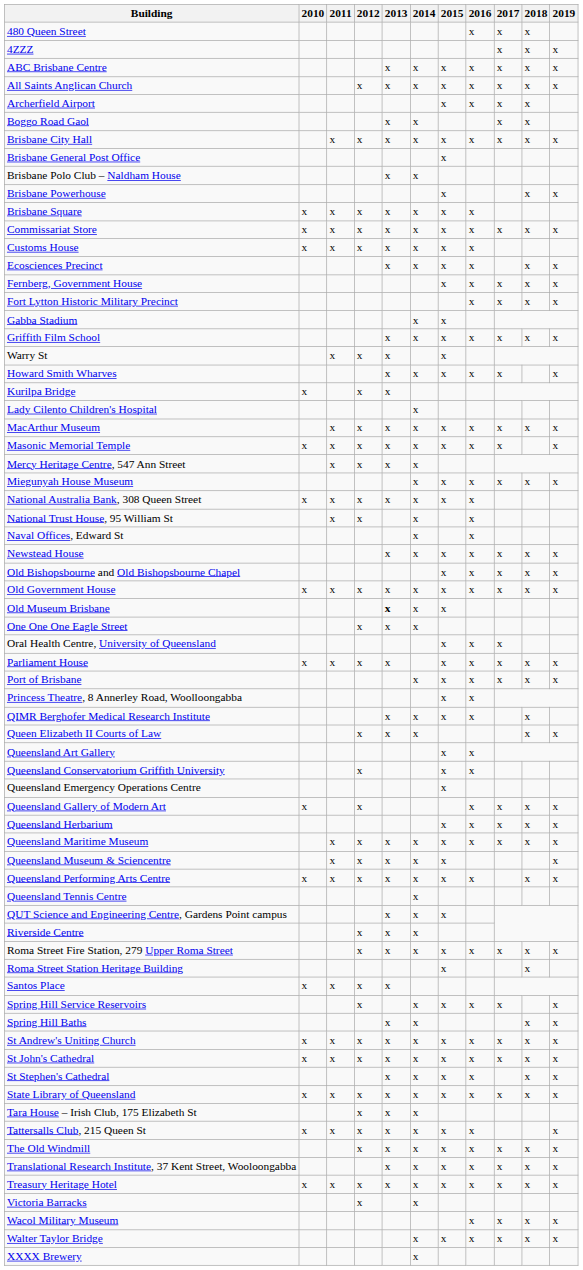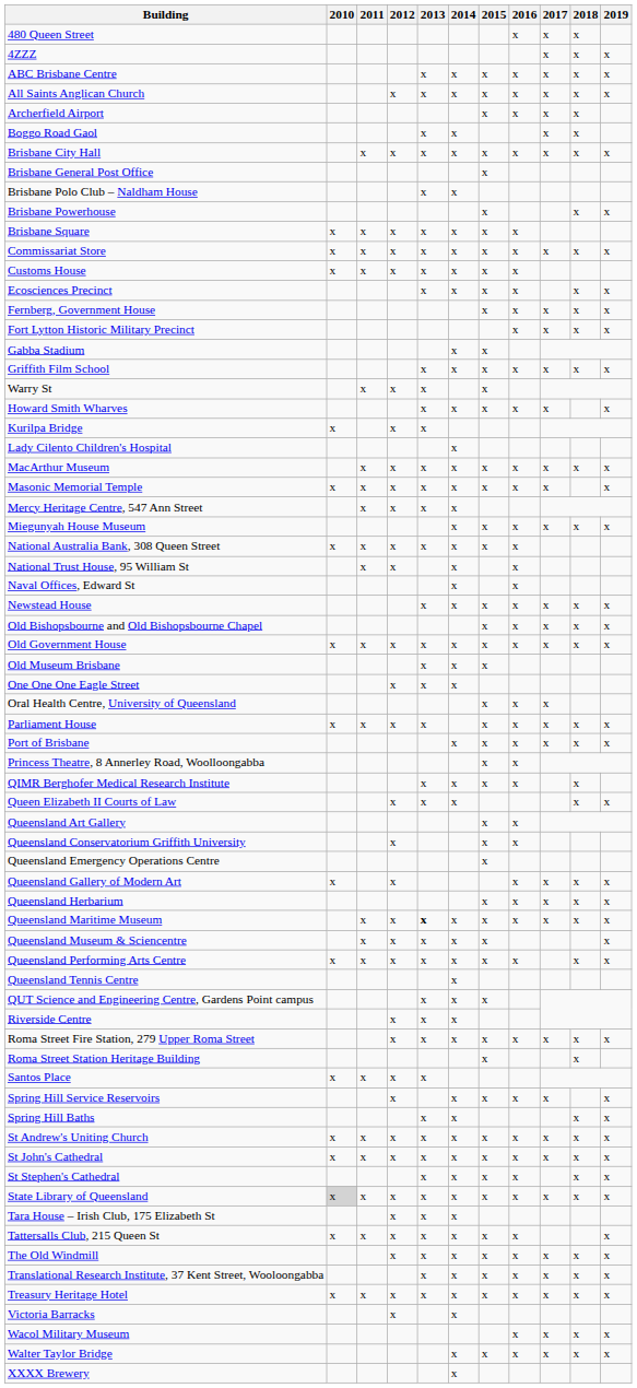 <table class="wikitable sortable">
 <tr>
 <th>Building</th>
 <th>2010</th>
 <th>2011</th>
 <th>2012</th>
 <th>2013</th>
 <th>2014</th>
 <th>2015</th>
 <th>2016</th>
 <th class="sortable">2017</th>
 <th>2018</th>
 <th>2019</th>
 </tr>
 <tr>
 <td><a href='#'>480 Queen Street</a></td>
 <td></td>
 <td></td>
 <td></td>
 <td></td>
 <td></td>
 <td></td>
 <td>x</td>
 <td>x</td>
 <td>x</td>
 <td></td>
 </tr>
 <tr>
 <td><a href='#'>4ZZZ</a></td>
 <td></td>
 <td></td>
 <td></td>
 <td></td>
 <td></td>
 <td></td>
 <td></td>
 <td>x</td>
 <td>x</td>
 <td>x</td>
 </tr>
 <tr>
 <td><a href='#'>ABC Brisbane Centre</a></td>
 <td></td>
 <td></td>
 <td></td>
 <td>x</td>
 <td>x</td>
 <td>x</td>
 <td>x</td>
 <td>x</td>
 <td>x</td>
 <td>x</td>
 </tr>
 <tr>
 <td><a href='#'>All Saints Anglican Church</a></td>
 <td></td>
 <td></td>
 <td>x</td>
 <td>x</td>
 <td>x</td>
 <td>x</td>
 <td>x</td>
 <td>x</td>
 <td>x</td>
 <td>x</td>
 </tr>
 <tr>
 <td><a href='#'>Archerfield Airport</a></td>
 <td></td>
 <td></td>
 <td></td>
 <td></td>
 <td></td>
 <td>x</td>
 <td>x</td>
 <td>x</td>
 <td>x</td>
 <td></td>
 </tr>
 <tr>
 <td><a href='#'>Boggo Road Gaol</a></td>
 <td></td>
 <td></td>
 <td></td>
 <td>x</td>
 <td>x</td>
 <td></td>
 <td></td>
 <td>x</td>
 <td>x</td>
 <td></td>
 </tr>
 <tr>
 <td><a href='#'>Brisbane City Hall</a></td>
 <td></td>
 <td>x</td>
 <td>x</td>
 <td>x</td>
 <td>x</td>
 <td>x</td>
 <td>x</td>
 <td>x</td>
 <td>x</td>
 <td>x</td>
 </tr>
 <tr>
 <td><a href='#'>Brisbane General Post Office</a></td>
 <td></td>
 <td></td>
 <td></td>
 <td></td>
 <td></td>
 <td>x</td>
 <td></td>
 <td></td>
 <td></td>
 <td></td>
 </tr>
 <tr>
 <td>Brisbane Polo Club – <a href='#'>Naldham House</a></td>
 <td></td>
 <td></td>
 <td></td>
 <td>x</td>
 <td>x</td>
 <td></td>
 <td></td>
 <td></td>
 <td></td>
 <td></td>
 </tr>
 <tr>
 <td><a href='#'>Brisbane Powerhouse</a></td>
 <td></td>
 <td></td>
 <td></td>
 <td></td>
 <td></td>
 <td>x</td>
 <td></td>
 <td></td>
 <td>x</td>
 <td>x</td>
 </tr>
 <tr>
 <td><a href='#'>Brisbane Square</a></td>
 <td>x</td>
 <td>x</td>
 <td>x</td>
 <td>x</td>
 <td>x</td>
 <td>x</td>
 <td>x</td>
 <td></td>
 <td></td>
 <td></td>
 </tr>
 <tr>
 <td><a href='#'>Commissariat Store</a></td>
 <td>x</td>
 <td>x</td>
 <td>x</td>
 <td>x</td>
 <td>x</td>
 <td>x</td>
 <td>x</td>
 <td>x</td>
 <td>x</td>
 <td>x</td>
 </tr>
 <tr>
 <td><a href='#'>Customs House</a></td>
 <td>x</td>
 <td>x</td>
 <td>x</td>
 <td>x</td>
 <td>x</td>
 <td>x</td>
 <td>x</td>
 <td></td>
 <td></td>
 <td></td>
 </tr>
 <tr>
 <td><a href='#'>Ecosciences Precinct</a></td>
 <td></td>
 <td></td>
 <td></td>
 <td>x</td>
 <td>x</td>
 <td>x</td>
 <td>x</td>
 <td></td>
 <td>x</td>
 <td>x</td>
 </tr>
 <tr>
 <td><a href='#'>Fernberg, Government House</a></td>
 <td></td>
 <td></td>
 <td></td>
 <td></td>
 <td></td>
 <td>x</td>
 <td>x</td>
 <td>x</td>
 <td>x</td>
 <td>x</td>
 </tr>
 <tr>
 <td><a href='#'>Fort Lytton Historic Military Precinct</a></td>
 <td></td>
 <td></td>
 <td></td>
 <td></td>
 <td></td>
 <td></td>
 <td>x</td>
 <td>x</td>
 <td>x</td>
 <td>x</td>
 </tr>
 <tr>
 <td><a href='#'>Gabba Stadium</a></td>
 <td></td>
 <td></td>
 <td></td>
 <td></td>
 <td>x</td>
 <td>x</td>
 <td></td>
 </tr>
 <tr>
 <td><a href='#'>Griffith Film School</a></td>
 <td></td>
 <td></td>
 <td></td>
 <td>x</td>
 <td>x</td>
 <td>x</td>
 <td>x</td>
 <td>x</td>
 <td>x</td>
 <td>x</td>
 </tr>
 <tr>
 <td> Warry St</td>
 <td></td>
 <td>x</td>
 <td>x</td>
 <td>x</td>
 <td></td>
 <td>x</td>
 <td></td>
 </tr>
 <tr>
 <td><a href='#'>Howard Smith Wharves</a></td>
 <td></td>
 <td></td>
 <td></td>
 <td>x</td>
 <td>x</td>
 <td>x</td>
 <td>x</td>
 <td>x</td>
 <td></td>
 <td>x</td>
 </tr>
 <tr>
 <td><a href='#'>Kurilpa Bridge</a></td>
 <td>x</td>
 <td></td>
 <td>x</td>
 <td>x</td>
 <td></td>
 <td></td>
 <td></td>
 </tr>
 <tr>
 <td><a href='#'>Lady Cilento Children's Hospital</a></td>
 <td></td>
 <td></td>
 <td></td>
 <td></td>
 <td>x</td>
 <td></td>
 <td></td>
 <td></td>
 <td></td>
 <td></td>
 </tr>
 <tr>
 <td><a href='#'>MacArthur Museum</a></td>
 <td></td>
 <td>x</td>
 <td>x</td>
 <td>x</td>
 <td>x</td>
 <td>x</td>
 <td>x</td>
 <td>x</td>
 <td>x</td>
 <td>x</td>
 </tr>
 <tr>
 <td><a href='#'>Masonic Memorial Temple</a></td>
 <td>x</td>
 <td>x</td>
 <td>x</td>
 <td>x</td>
 <td>x</td>
 <td>x</td>
 <td>x</td>
 <td>x</td>
 <td></td>
 <td>x</td>
 </tr>
 <tr>
 <td><a href='#'>Mercy Heritage Centre</a>, 547 Ann Street</td>
 <td></td>
 <td>x</td>
 <td>x</td>
 <td>x</td>
 <td>x</td>
 <td></td>
 <td></td>
 </tr>
 <tr>
 <td><a href='#'>Miegunyah House Museum</a></td>
 <td></td>
 <td></td>
 <td></td>
 <td></td>
 <td>x</td>
 <td>x</td>
 <td>x</td>
 <td>x</td>
 <td>x</td>
 <td>x</td>
 </tr>
 <tr>
 <td><a href='#'>National Australia Bank</a>, 308 Queen Street</td>
 <td>x</td>
 <td>x</td>
 <td>x</td>
 <td>x</td>
 <td>x</td>
 <td>x</td>
 <td>x</td>
 <td></td>
 <td></td>
 <td></td>
 </tr>
 <tr>
 <td><a href='#'>National Trust House</a>, 95 William St</td>
 <td></td>
 <td>x</td>
 <td>x</td>
 <td></td>
 <td>x</td>
 <td></td>
 <td>x</td>
 <td></td>
 <td></td>
 <td></td>
 </tr>
 <tr>
 <td><a href='#'>Naval Offices</a>, Edward St</td>
 <td></td>
 <td></td>
 <td></td>
 <td></td>
 <td>x</td>
 <td></td>
 <td>x</td>
 <td></td>
 <td></td>
 <td></td>
 </tr>
 <tr>
 <td><a href='#'>Newstead House</a></td>
 <td></td>
 <td></td>
 <td></td>
 <td>x</td>
 <td>x</td>
 <td>x</td>
 <td>x</td>
 <td>x</td>
 <td>x</td>
 <td>x</td>
 </tr>
 <tr>
 <td><a href='#'>Old Bishopsbourne</a> and <a href='#'>Old Bishopsbourne Chapel</a></td>
 <td></td>
 <td></td>
 <td></td>
 <td></td>
 <td></td>
 <td>x</td>
 <td>x</td>
 <td>x</td>
 <td>x</td>
 <td>x</td>
 </tr>
 <tr>
 <td><a href='#'>Old Government House</a></td>
 <td>x</td>
 <td>x</td>
 <td>x</td>
 <td>x</td>
 <td>x</td>
 <td>x</td>
 <td>x</td>
 <td>x</td>
 <td>x</td>
 <td>x</td>
 </tr>
 <tr>
 <td><a href='#'>Old Museum Brisbane</a></td>
 <td></td>
 <td></td>
 <td></td>
-<td><strong>x</strong></td>
+<td>x</td>
 <td>x</td>
 <td>x</td>
 <td></td>
 <td></td>
 <td></td>
 <td></td>
 </tr>
 <tr>
 <td><a href='#'>One One One Eagle Street</a></td>
 <td></td>
 <td></td>
 <td>x</td>
 <td>x</td>
 <td>x</td>
 <td></td>
 <td></td>
 <td></td>
 <td></td>
 <td></td>
 </tr>
 <tr>
 <td>Oral Health Centre, <a href='#'>University of Queensland</a></td>
 <td></td>
 <td></td>
 <td></td>
 <td></td>
 <td></td>
 <td>x</td>
 <td>x</td>
 <td>x</td>
 <td></td>
 <td></td>
 </tr>
 <tr>
 <td><a href='#'>Parliament House</a></td>
 <td>x</td>
 <td>x</td>
 <td>x</td>
 <td>x</td>
 <td></td>
 <td>x</td>
 <td>x</td>
 <td>x</td>
 <td>x</td>
 <td>x</td>
 </tr>
 <tr>
 <td><a href='#'>Port of Brisbane</a></td>
 <td></td>
 <td></td>
 <td></td>
 <td></td>
 <td>x</td>
 <td>x</td>
 <td>x</td>
 <td>x</td>
 <td>x</td>
 <td>x</td>
 </tr>
 <tr>
 <td><a href='#'>Princess Theatre</a>, 8 Annerley Road, Woolloongabba</td>
 <td></td>
 <td></td>
 <td></td>
 <td></td>
 <td></td>
 <td>x</td>
 <td>x</td>
 </tr>
 <tr>
 <td><a href='#'>QIMR Berghofer Medical Research Institute</a></td>
 <td></td>
 <td></td>
 <td></td>
 <td>x</td>
 <td>x</td>
 <td>x</td>
 <td>x</td>
 <td></td>
 <td>x</td>
 <td></td>
 </tr>
 <tr>
 <td><a href='#'>Queen Elizabeth II Courts of Law</a></td>
 <td></td>
 <td></td>
 <td>x</td>
 <td>x</td>
 <td>x</td>
 <td></td>
 <td></td>
 <td></td>
 <td>x</td>
 <td>x</td>
 </tr>
 <tr>
 <td><a href='#'>Queensland Art Gallery</a></td>
 <td></td>
 <td></td>
 <td></td>
 <td></td>
 <td></td>
 <td>x</td>
 <td>x</td>
 </tr>
 <tr>
 <td><a href='#'>Queensland Conservatorium Griffith University</a></td>
 <td></td>
 <td></td>
 <td>x</td>
 <td></td>
 <td></td>
 <td>x</td>
 <td>x</td>
 <td></td>
 <td></td>
 <td></td>
 </tr>
 <tr>
 <td>Queensland Emergency Operations Centre</td>
 <td></td>
 <td></td>
 <td></td>
 <td></td>
 <td></td>
 <td>x</td>
 <td></td>
 <td></td>
 <td></td>
 <td></td>
 </tr>
 <tr>
 <td><a href='#'>Queensland Gallery of Modern Art</a></td>
 <td>x</td>
 <td></td>
 <td>x</td>
 <td></td>
 <td></td>
 <td></td>
 <td>x</td>
 <td>x</td>
 <td>x</td>
 <td>x</td>
 </tr>
 <tr>
 <td><a href='#'>Queensland Herbarium</a></td>
 <td></td>
 <td></td>
 <td></td>
 <td></td>
 <td></td>
 <td>x</td>
 <td>x</td>
 <td>x</td>
 <td>x</td>
 <td>x</td>
 </tr>
 <tr>
 <td><a href='#'>Queensland Maritime Museum</a></td>
 <td></td>
 <td>x</td>
 <td>x</td>
-<td>x</td>
+<td><strong>x</strong></td>
 <td>x</td>
 <td>x</td>
 <td>x</td>
 <td>x</td>
 <td>x</td>
 <td>x</td>
 </tr>
 <tr>
 <td><a href='#'>Queensland Museum & Sciencentre</a></td>
 <td></td>
 <td>x</td>
 <td>x</td>
 <td>x</td>
 <td>x</td>
 <td>x</td>
 <td></td>
 <td></td>
 <td></td>
 <td>x</td>
 </tr>
 <tr>
 <td><a href='#'>Queensland Performing Arts Centre</a></td>
 <td>x</td>
 <td>x</td>
 <td>x</td>
 <td>x</td>
 <td>x</td>
 <td>x</td>
 <td>x</td>
 <td></td>
 <td>x</td>
 <td>x</td>
 </tr>
 <tr>
 <td><a href='#'>Queensland Tennis Centre</a></td>
 <td></td>
 <td></td>
 <td></td>
 <td></td>
 <td>x</td>
 <td></td>
 <td></td>
 <td></td>
 <td></td>
 <td></td>
 </tr>
 <tr>
 <td><a href='#'>QUT Science and Engineering Centre</a>, Gardens Point campus</td>
 <td></td>
 <td></td>
 <td></td>
 <td>x</td>
 <td>x</td>
 <td>x</td>
 <td></td>
 </tr>
 <tr>
 <td><a href='#'>Riverside Centre</a></td>
 <td></td>
 <td></td>
 <td>x</td>
 <td>x</td>
 <td>x</td>
 <td></td>
 <td></td>
 </tr>
 <tr>
 <td>Roma Street Fire Station, 279 <a href='#'>Upper Roma Street</a></td>
 <td></td>
 <td></td>
 <td>x</td>
 <td>x</td>
 <td>x</td>
 <td>x</td>
 <td>x</td>
 <td>x</td>
 <td>x</td>
 <td>x</td>
 </tr>
 <tr>
 <td><a href='#'>Roma Street Station Heritage Building</a></td>
 <td></td>
 <td></td>
 <td></td>
 <td></td>
 <td></td>
 <td>x</td>
 <td></td>
 <td></td>
 <td>x</td>
 <td></td>
 </tr>
 <tr>
 <td><a href='#'>Santos Place</a></td>
 <td>x</td>
 <td>x</td>
 <td>x</td>
 <td>x</td>
 <td></td>
 <td></td>
 <td></td>
 </tr>
 <tr>
 <td><a href='#'>Spring Hill Service Reservoirs</a></td>
 <td></td>
 <td></td>
 <td>x</td>
 <td></td>
 <td>x</td>
 <td>x</td>
 <td>x</td>
 <td>x</td>
 <td></td>
 <td>x</td>
 </tr>
 <tr>
 <td><a href='#'>Spring Hill Baths</a></td>
 <td></td>
 <td></td>
 <td></td>
 <td>x</td>
 <td>x</td>
 <td></td>
 <td></td>
 <td></td>
 <td>x</td>
 <td>x</td>
 </tr>
 <tr>
 <td><a href='#'>St Andrew's Uniting Church</a></td>
 <td>x</td>
 <td>x</td>
 <td>x</td>
 <td>x</td>
 <td>x</td>
 <td>x</td>
 <td>x</td>
 <td>x</td>
 <td>x</td>
 <td>x</td>
 </tr>
 <tr>
 <td><a href='#'>St John's Cathedral</a></td>
 <td>x</td>
 <td>x</td>
 <td>x</td>
 <td>x</td>
 <td>x</td>
 <td>x</td>
 <td>x</td>
 <td>x</td>
 <td>x</td>
 <td>x</td>
 </tr>
 <tr>
 <td><a href='#'>St Stephen's Cathedral</a></td>
 <td></td>
 <td></td>
 <td></td>
 <td>x</td>
 <td>x</td>
 <td>x</td>
 <td>x</td>
 <td></td>
 <td>x</td>
 <td>x</td>
 </tr>
 <tr>
 <td><a href='#'>State Library of Queensland</a></td>
-<td>x</td>
+<td style="background: lightgrey;">x</td>
 <td>x</td>
 <td>x</td>
 <td>x</td>
 <td>x</td>
 <td>x</td>
 <td>x</td>
 <td>x</td>
 <td>x</td>
 <td>x</td>
 </tr>
 <tr>
 <td><a href='#'>Tara House</a> – Irish Club, 175 Elizabeth St</td>
 <td></td>
 <td></td>
 <td>x</td>
 <td>x</td>
 <td>x</td>
 <td></td>
 <td></td>
 <td></td>
 <td></td>
 <td></td>
 </tr>
 <tr>
 <td><a href='#'>Tattersalls Club</a>, 215 Queen St</td>
 <td>x</td>
 <td>x</td>
 <td>x</td>
 <td>x</td>
 <td>x</td>
 <td>x</td>
 <td>x</td>
 <td></td>
 <td></td>
 <td>x</td>
 </tr>
 <tr>
 <td><a href='#'>The Old Windmill</a></td>
 <td></td>
 <td></td>
 <td>x</td>
 <td>x</td>
 <td>x</td>
 <td>x</td>
 <td>x</td>
 <td>x</td>
 <td>x</td>
 <td>x</td>
 </tr>
 <tr>
 <td><a href='#'>Translational Research Institute</a>, 37 Kent Street, Wooloongabba</td>
 <td></td>
 <td></td>
 <td></td>
 <td>x</td>
 <td>x</td>
 <td>x</td>
 <td>x</td>
 <td>x</td>
 <td>x</td>
 <td>x</td>
 </tr>
 <tr>
 <td><a href='#'>Treasury Heritage Hotel</a></td>
 <td>x</td>
 <td>x</td>
 <td>x</td>
 <td>x</td>
 <td>x</td>
 <td>x</td>
 <td>x</td>
 <td>x</td>
 <td>x</td>
 <td>x</td>
 </tr>
 <tr>
 <td><a href='#'>Victoria Barracks</a></td>
 <td></td>
 <td></td>
 <td>x</td>
 <td></td>
 <td>x</td>
 <td></td>
 <td></td>
 <td></td>
 <td></td>
 <td></td>
 </tr>
 <tr>
 <td><a href='#'>Wacol Military Museum</a></td>
 <td></td>
 <td></td>
 <td></td>
 <td></td>
 <td></td>
 <td></td>
 <td>x</td>
 <td>x</td>
 <td>x</td>
 <td>x</td>
 </tr>
 <tr>
 <td><a href='#'>Walter Taylor Bridge</a></td>
 <td></td>
 <td></td>
 <td></td>
 <td></td>
 <td>x</td>
 <td>x</td>
 <td>x</td>
 <td>x</td>
 <td>x</td>
 <td>x</td>
 </tr>
 <tr>
 <td><a href='#'>XXXX Brewery</a></td>
 <td></td>
 <td></td>
 <td></td>
 <td></td>
 <td>x</td>
 <td></td>
 <td></td>
 <td></td>
 <td></td>
 <td></td>
 </tr>
 </table>
